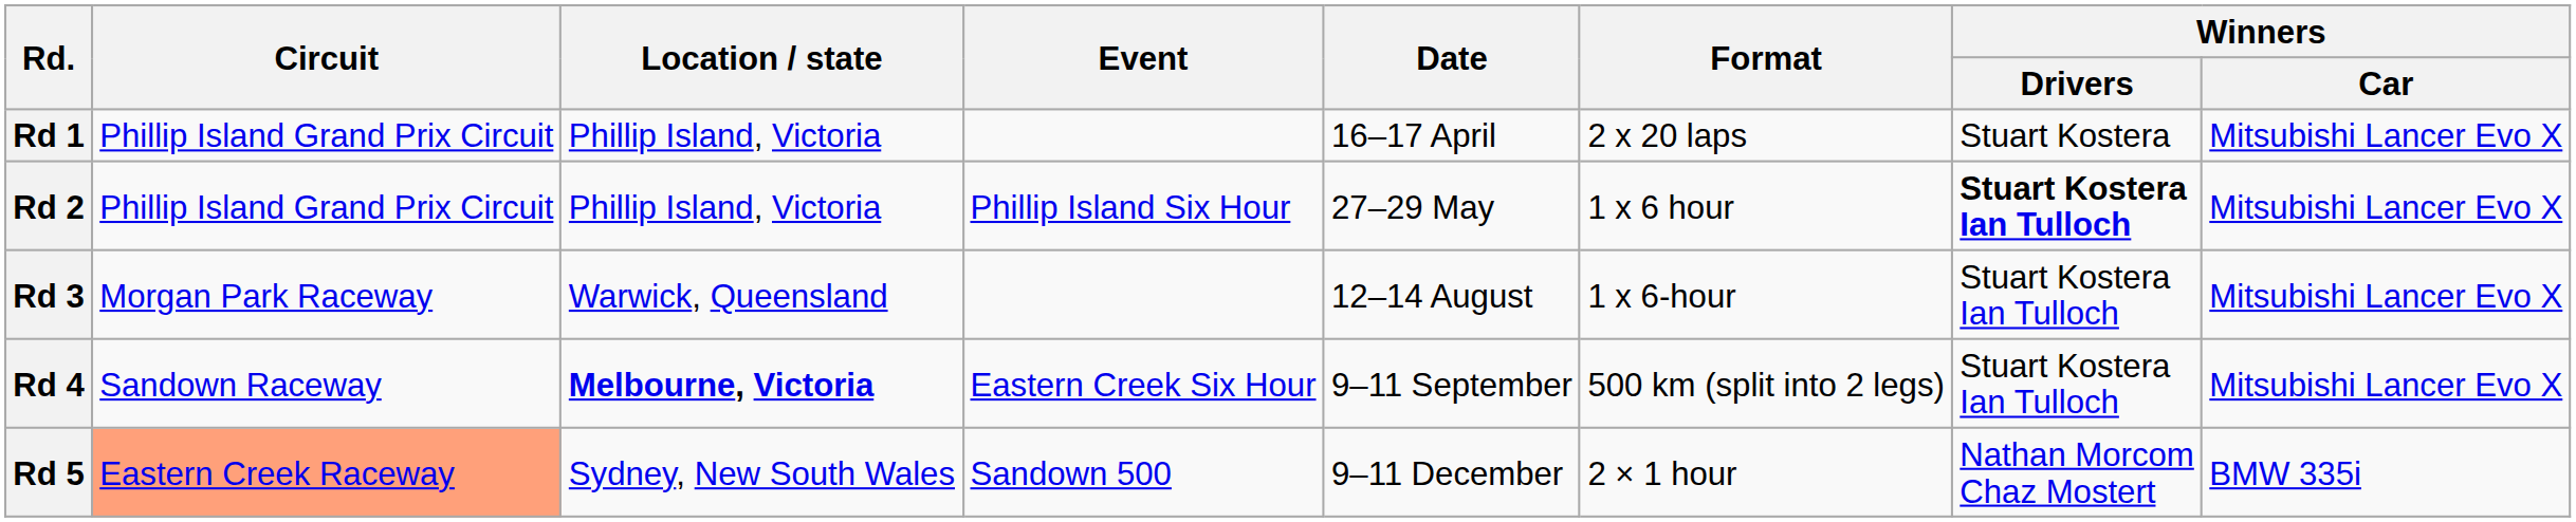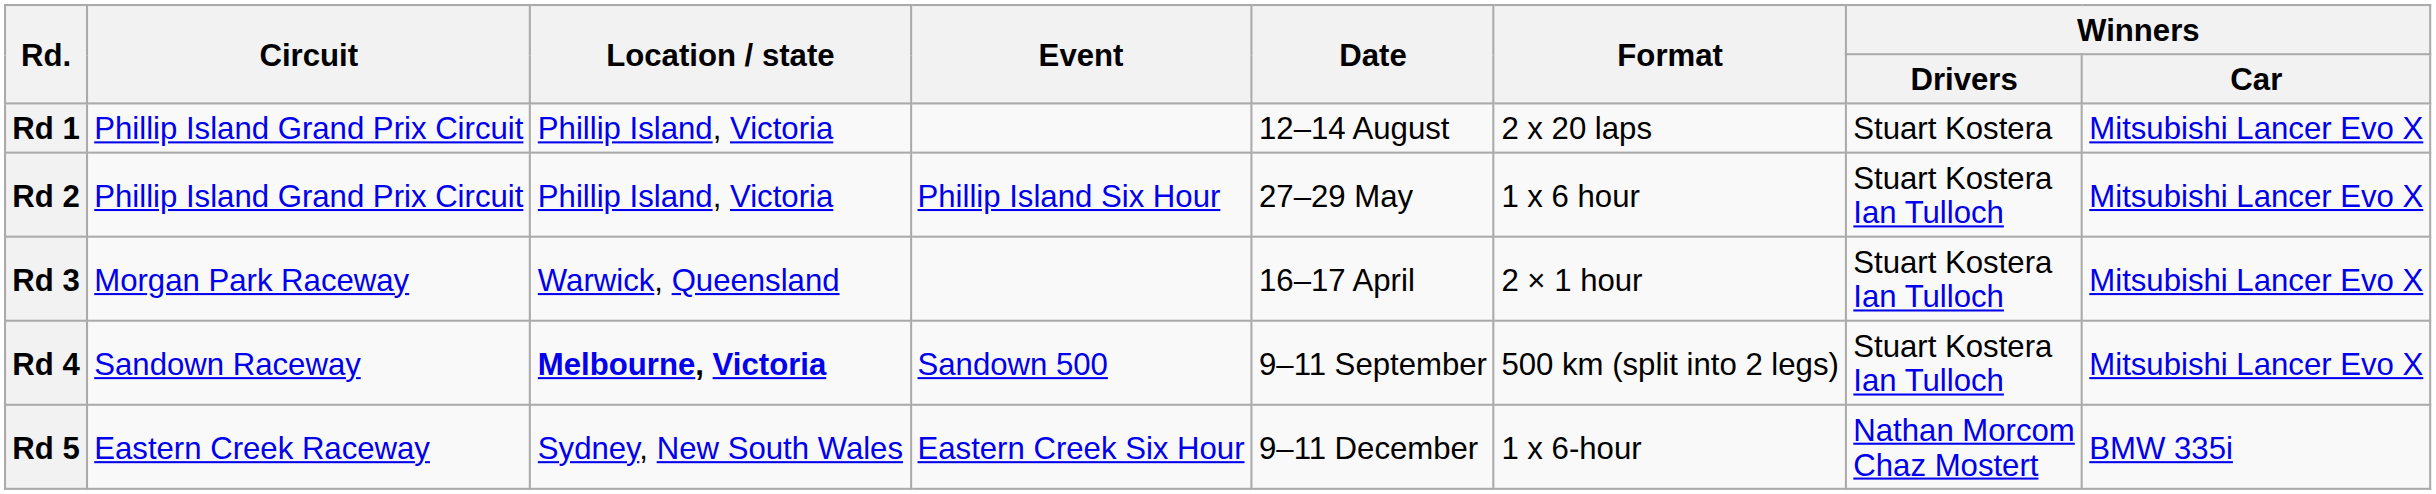 <table class="wikitable" style="font-size: 95%;">
 <tr>
 <th rowspan=2>Rd.</th>
 <th rowspan=2>Circuit</th>
 <th rowspan=2>Location / state</th>
 <th rowspan=2>Event</th>
 <th rowspan=2>Date</th>
 <th rowspan=2>Format</th>
 <th colspan=2>Winners</th>
 </tr>
 <tr>
 <th>Drivers</th>
 <th>Car</th>
 </tr>
 <tr>
 <th>Rd 1</th>
 <td><a href='#'>Phillip Island Grand Prix Circuit</a></td>
 <td><a href='#'>Phillip Island</a>, <a href='#'>Victoria</a></td>
 <td></td>
-<td>16–17 April</td>
+<td>12–14 August</td>
 <td>2 x 20 laps</td>
 <td>Stuart Kostera</td>
 <td><a href='#'>Mitsubishi Lancer Evo X</a></td>
 </tr>
 <tr>
 <th>Rd 2</th>
 <td><a href='#'>Phillip Island Grand Prix Circuit</a></td>
 <td><a href='#'>Phillip Island</a>, <a href='#'>Victoria</a></td>
 <td><a href='#'>Phillip Island Six Hour</a></td>
 <td>27–29 May</td>
 <td>1 x 6 hour</td>
-<td><strong>Stuart Kostera<br><a href='#'>Ian Tulloch</a></strong></td>
+<td>Stuart Kostera<br><a href='#'>Ian Tulloch</a></td>
 <td><a href='#'>Mitsubishi Lancer Evo X</a></td>
 </tr>
 <tr>
 <th>Rd 3</th>
 <td><a href='#'>Morgan Park Raceway</a></td>
 <td><a href='#'>Warwick</a>, <a href='#'>Queensland</a></td>
 <td></td>
-<td>12–14 August</td>
-<td>1 x 6-hour</td>
+<td>16–17 April</td>
+<td>2 × 1 hour</td>
 <td>Stuart Kostera<br><a href='#'>Ian Tulloch</a></td>
 <td><a href='#'>Mitsubishi Lancer Evo X</a></td>
 </tr>
 <tr>
 <th>Rd 4</th>
 <td><a href='#'>Sandown Raceway</a></td>
 <td><strong><a href='#'>Melbourne</a>, <a href='#'>Victoria</a></strong></td>
-<td><a href='#'>Eastern Creek Six Hour</a></td>
+<td><a href='#'>Sandown 500</a></td>
 <td>9–11 September</td>
 <td>500 km (split into 2 legs)</td>
 <td>Stuart Kostera<br><a href='#'>Ian Tulloch</a></td>
 <td><a href='#'>Mitsubishi Lancer Evo X</a></td>
 </tr>
 <tr>
 <th>Rd 5</th>
-<td style="background: lightsalmon;"><a href='#'>Eastern Creek Raceway</a></td>
+<td><a href='#'>Eastern Creek Raceway</a></td>
 <td><a href='#'>Sydney</a>, <a href='#'>New South Wales</a></td>
-<td><a href='#'>Sandown 500</a></td>
+<td><a href='#'>Eastern Creek Six Hour</a></td>
 <td>9–11 December</td>
-<td>2 × 1 hour</td>
+<td>1 x 6-hour</td>
 <td><a href='#'>Nathan Morcom</a><br><a href='#'>Chaz Mostert</a></td>
 <td><a href='#'>BMW 335i</a></td>
 </tr>
 </table>
